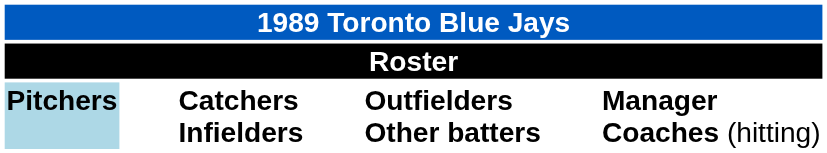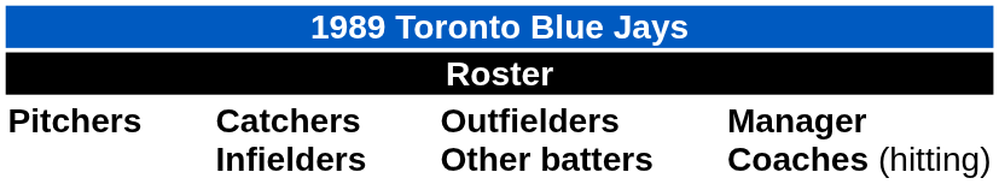 <table class="toccolours" style="font-size: 95%;">
 <tr>
 <th colspan="10" style="background-color: #005ac0; color: #FFFFFF; text-align: center;">1989 Toronto Blue Jays</th>
 </tr>
 <tr>
 <td colspan="10" style="background-color: black; color: white; text-align: center;"><strong>Roster</strong></td>
 </tr>
 <tr>
-<td valign="top" style="background: lightblue;"><strong>Pitchers</strong><br>                  </td>
+<td valign="top"><strong>Pitchers</strong><br>                  </td>
 <td width="25px"></td>
 <td valign="top"><strong>Catchers</strong><br>    <strong>Infielders</strong>       </td>
 <td width="25px"></td>
 <td valign="top"><strong>Outfielders</strong><br>         <strong>Other batters</strong>    </td>
 <td width="25px"></td>
 <td valign="top"><strong>Manager</strong><br>  <strong>Coaches</strong>  (hitting)    </td>
 </tr>
 </table>
